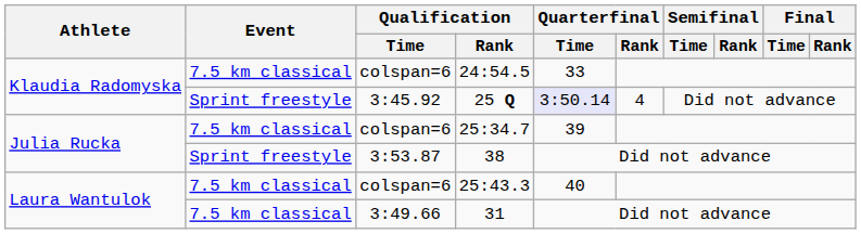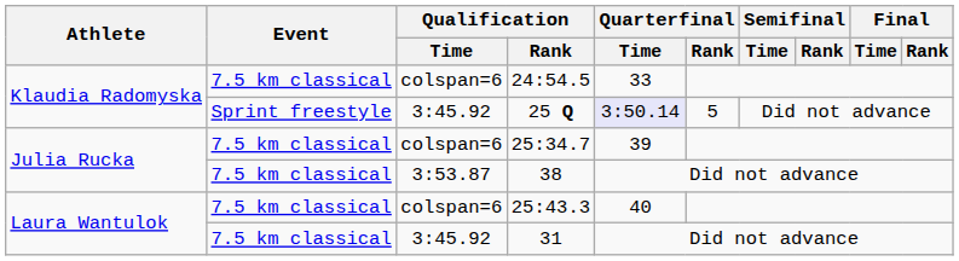 <table class="wikitable" style="font-size:90%">
 <tr>
 <th rowspan="2">Athlete</th>
 <th rowspan="2">Event</th>
 <th colspan="2">Qualification</th>
 <th colspan="2">Quarterfinal</th>
 <th colspan="2">Semifinal</th>
 <th colspan="2">Final</th>
 </tr>
 <tr style="font-size:95%">
 <th>Time</th>
 <th>Rank</th>
 <th>Time</th>
 <th>Rank</th>
 <th>Time</th>
 <th>Rank</th>
 <th>Time</th>
 <th>Rank</th>
 </tr>
 <tr align=center>
 <td align=left rowspan=2><a href='#'>Klaudia Radomyska</a></td>
 <td align=left><a href='#'>7.5 km classical</a></td>
 <td>colspan=6</td>
 <td>24:54.5</td>
 <td>33</td>
 </tr>
 <tr align=center>
 <td align=left><a href='#'>Sprint freestyle</a></td>
 <td>3:45.92</td>
 <td>25 <strong>Q</strong></td>
 <td style="background: lavender;">3:50.14</td>
-<td>4</td>
+<td>5</td>
 <td colspan=4>Did not advance</td>
 </tr>
 <tr align=center>
 <td align=left rowspan=2><a href='#'>Julia Rucka</a></td>
 <td align=left><a href='#'>7.5 km classical</a></td>
 <td>colspan=6</td>
 <td>25:34.7</td>
 <td>39</td>
 </tr>
 <tr align=center>
-<td align=left><a href='#'>Sprint freestyle</a></td>
+<td align=left><a href='#'>7.5 km classical</a></td>
 <td>3:53.87</td>
 <td>38</td>
 <td colspan=6>Did not advance</td>
 </tr>
 <tr align=center>
 <td align=left rowspan=2><a href='#'>Laura Wantulok</a></td>
 <td align=left><a href='#'>7.5 km classical</a></td>
 <td>colspan=6</td>
 <td>25:43.3</td>
 <td>40</td>
 </tr>
 <tr align=center>
 <td align=left><a href='#'>7.5 km classical</a></td>
-<td>3:49.66</td>
+<td>3:45.92</td>
 <td>31</td>
 <td colspan=6>Did not advance</td>
 </tr>
 </table>
